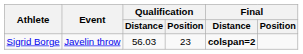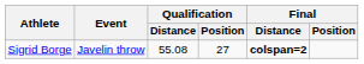 <table class=wikitable style="font-size:90%">
 <tr>
 <th rowspan="2">Athlete</th>
 <th rowspan="2">Event</th>
 <th colspan="2">Qualification</th>
 <th colspan="2">Final</th>
 </tr>
 <tr style="font-size:95%">
 <th>Distance</th>
 <th>Position</th>
 <th>Distance</th>
 <th>Position</th>
 </tr>
 <tr style=text-align:center>
 <td style=text-align:left><a href='#'>Sigrid Borge</a></td>
 <td style=text-align:left rowspan=4><a href='#'>Javelin throw</a></td>
-<td>56.03</td>
-<td>23</td>
+<td>55.08</td>
+<td>27</td>
 <td><strong>colspan=2 </strong></td>
 </tr>
 </table>
